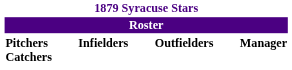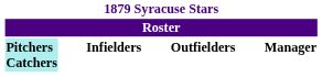 <table class="toccolours" style="font-size: 95%;">
 <tr>
 <th colspan="10" style="background-color: #white; color: #4B0082; text-align: center;">1879 Syracuse Stars</th>
 </tr>
 <tr>
 <td colspan="10" style="background-color:#4B0082; color: white; text-align: center;"><strong>Roster</strong></td>
 </tr>
 <tr>
-<td valign="top"><strong>Pitchers</strong><br> <strong>Catchers</strong>  </td>
+<td valign="top" style="background: paleturquoise;"><strong>Pitchers</strong><br> <strong>Catchers</strong>  </td>
 <td width="25px"></td>
 <td valign="top"><strong>Infielders</strong><br>        </td>
 <td width="25px"></td>
 <td valign="top"><strong>Outfielders</strong><br>     </td>
 <td width="25px"></td>
 <td valign="top"><strong>Manager</strong><br>  </td>
 </tr>
 </table>
